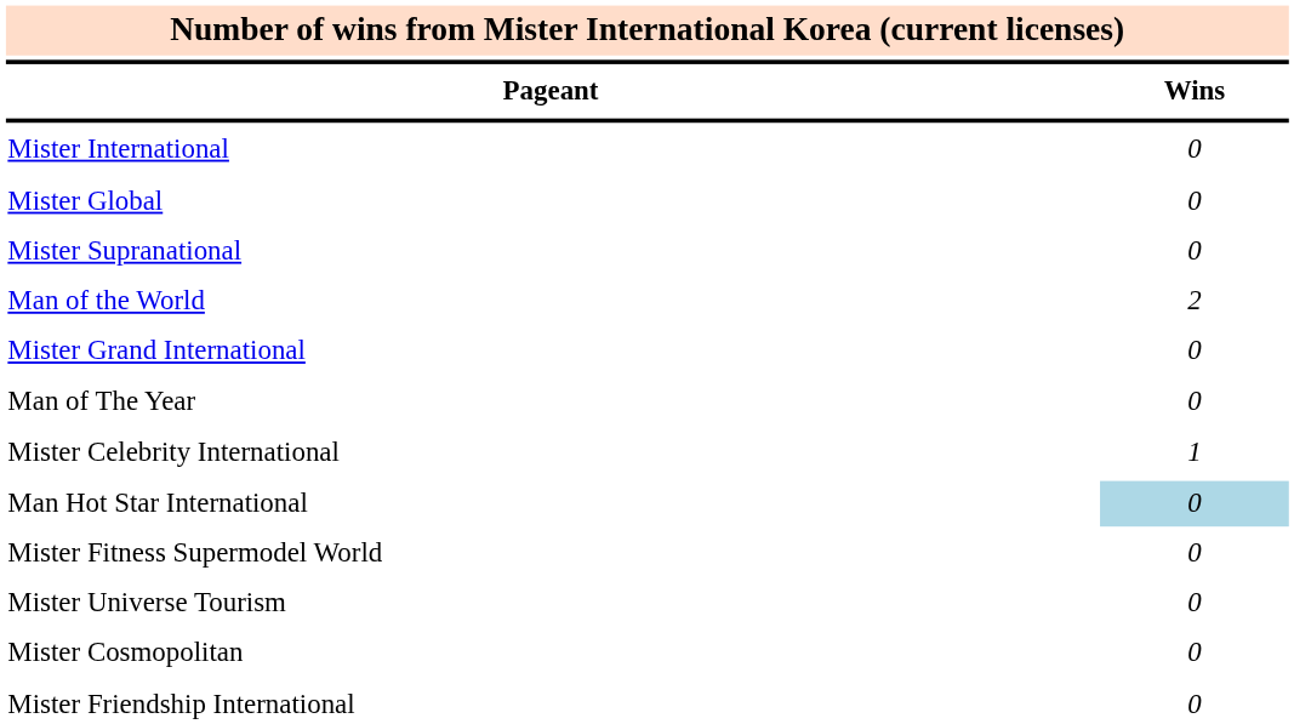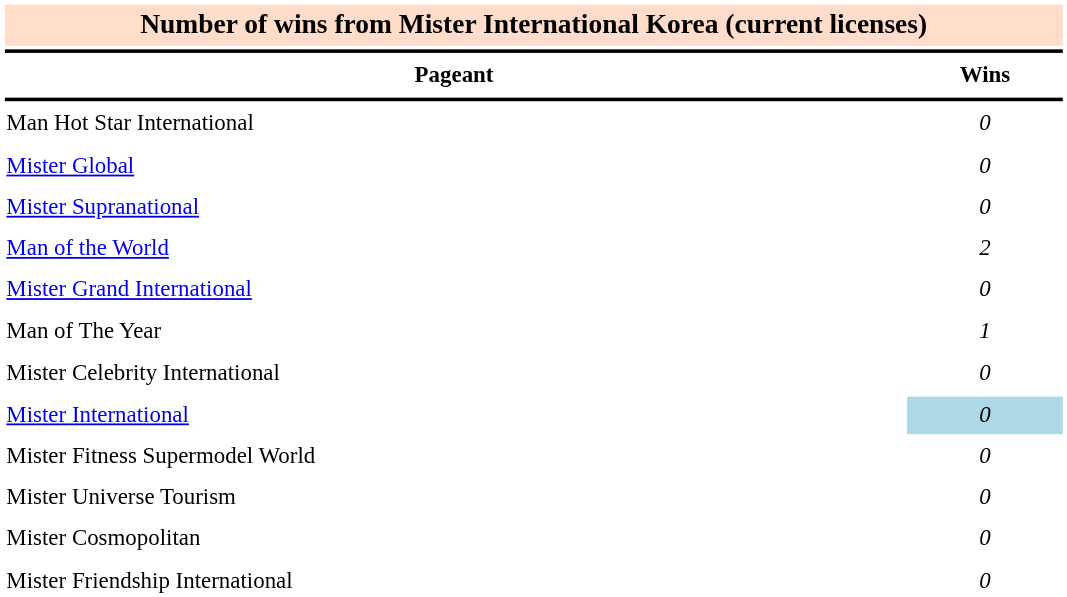 <table class="toccolours" style="width: 30em; float:right; margin-left:1em; font-size:80%; line-height:1.5em; width:30%;">
 <tr>
 <th colspan="2" align="center" style="background:#FFDDCA;"><big>Number of wins from Mister International Korea (current licenses)</big></th>
 </tr>
 <tr>
 <td colspan="2" style="background:black"></td>
 </tr>
 <tr>
 <th scope="col">Pageant</th>
 <th scope="col">Wins</th>
 </tr>
 <tr>
 <td colspan="2" style="background:black"></td>
 </tr>
 <tr>
-<td align="left"><a href='#'>Mister International</a></td>
+<td align="left">Man Hot Star International</td>
 <td align="center"><em>0</em></td>
 </tr>
 <tr>
 <td align="left"><a href='#'>Mister Global</a></td>
 <td align="center"><em>0</em></td>
 </tr>
 <tr>
 <td align="left"><a href='#'>Mister Supranational</a></td>
 <td align="center"><em>0</em></td>
 </tr>
 <tr>
 <td align="left"><a href='#'>Man of the World</a></td>
 <td align="center"><em>2</em></td>
 </tr>
 <tr>
 <td align="left"><a href='#'>Mister Grand International</a></td>
 <td align="center"><em>0</em></td>
 </tr>
 <tr>
 <td align="left">Man of The Year</td>
+<td align="center"><em>1</em></td>
+</tr>
+<tr>
+<td align="left">Mister Celebrity International</td>
 <td align="center"><em>0</em></td>
 </tr>
 <tr>
-<td align="left">Mister Celebrity International</td>
-<td align="center"><em>1</em></td>
-</tr>
-<tr>
-<td align="left">Man Hot Star International</td>
+<td align="left"><a href='#'>Mister International</a></td>
 <td align="center" style="background: lightblue;"><em>0</em></td>
 </tr>
 <tr>
 <td align="left">Mister Fitness Supermodel World</td>
 <td align="center"><em>0</em></td>
 </tr>
 <tr>
 <td align="left">Mister Universe Tourism</td>
 <td align="center"><em>0</em></td>
 </tr>
 <tr>
 <td align="left">Mister Cosmopolitan</td>
 <td align="center"><em>0</em></td>
 </tr>
 <tr>
 <td align="left">Mister Friendship International</td>
 <td align="center"><em>0</em></td>
 </tr>
 </table>
